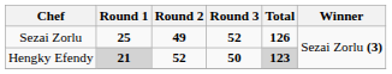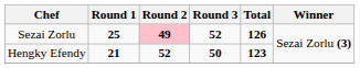 <table class="wikitable"  style="float:left; margin:auto; text-align:center;">
 <tr>
 <th>Chef</th>
 <th>Round 1</th>
 <th>Round 2</th>
 <th>Round 3</th>
 <th>Total</th>
 <th>Winner</th>
 </tr>
 <tr>
 <td>Sezai Zorlu</td>
 <td><strong>25</strong></td>
-<td><strong>49</strong></td>
+<td style="background: pink;"><strong>49</strong></td>
 <td><strong>52</strong></td>
 <td><strong>126</strong></td>
 <td rowspan=2>Sezai Zorlu <strong>(3)</strong></td>
 </tr>
 <tr>
 <td>Hengky Efendy</td>
-<td style="background: lightgrey;"><strong>21</strong></td>
+<td><strong>21</strong></td>
 <td><strong>52</strong></td>
 <td><strong>50</strong></td>
-<td style="background: lightgrey;"><strong>123</strong></td>
+<td><strong>123</strong></td>
 </tr>
 <tr>
 </tr>
 </table>
